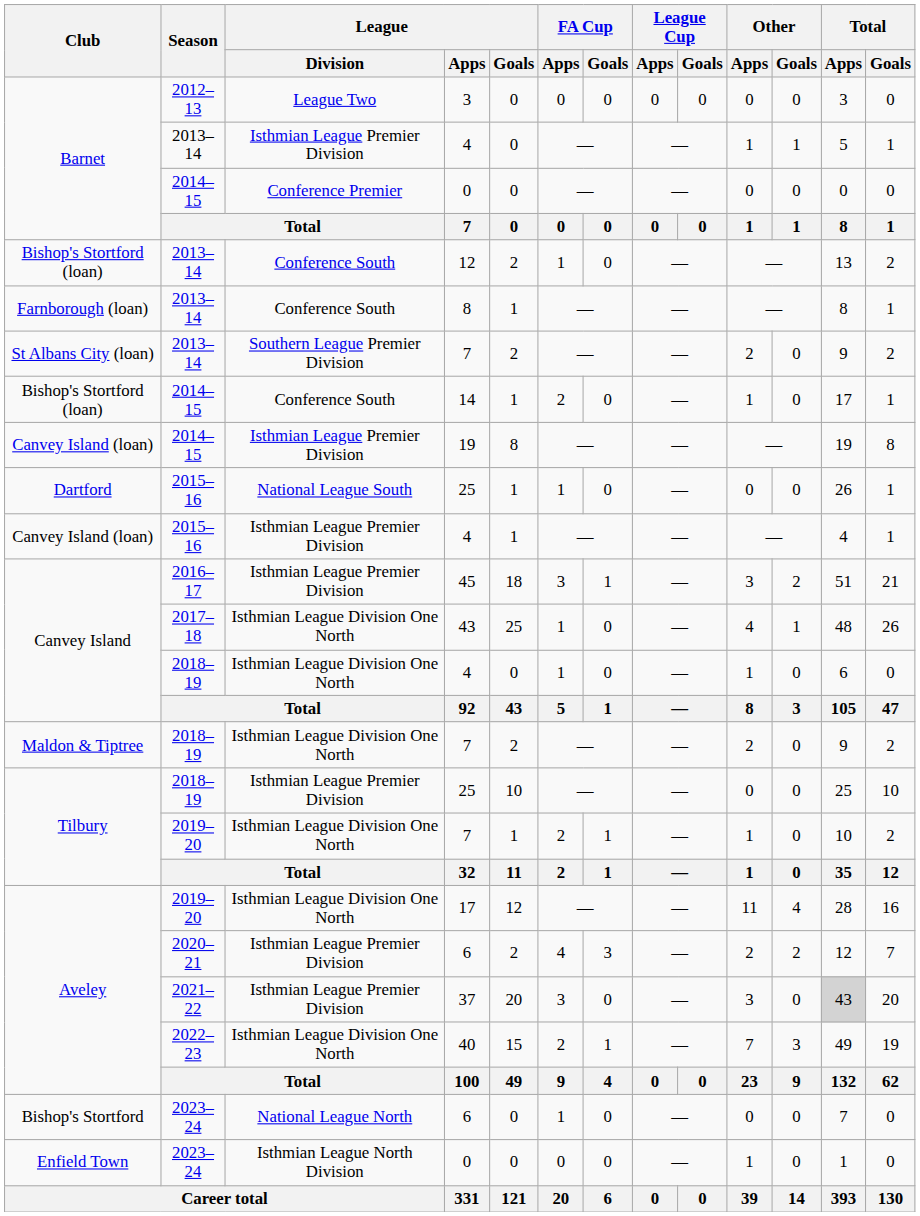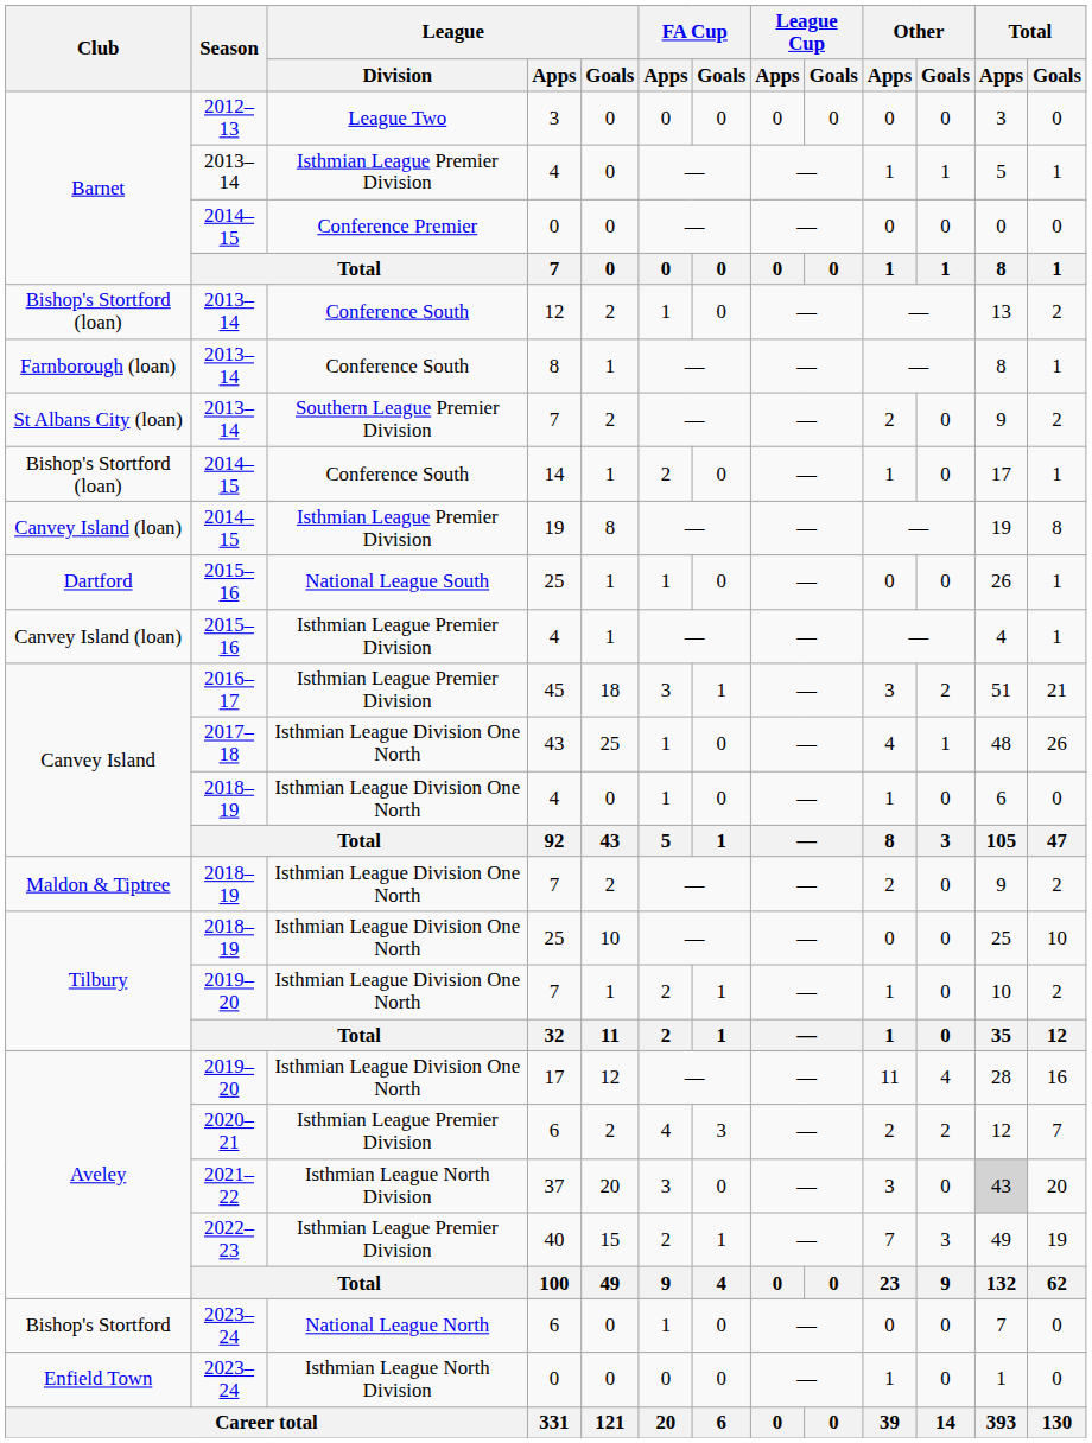 <table class="wikitable" style="text-align:center">
 <tr>
 <th rowspan="2">Club</th>
 <th rowspan="2">Season</th>
 <th colspan="3">League</th>
 <th colspan="2"><a href='#'>FA Cup</a></th>
 <th colspan="2"><a href='#'>League Cup</a></th>
 <th colspan="2">Other</th>
 <th colspan="2">Total</th>
 </tr>
 <tr>
 <th>Division</th>
 <th>Apps</th>
 <th>Goals</th>
 <th>Apps</th>
 <th>Goals</th>
 <th>Apps</th>
 <th>Goals</th>
 <th>Apps</th>
 <th>Goals</th>
 <th>Apps</th>
 <th>Goals</th>
 </tr>
 <tr>
 <td rowspan="4"><a href='#'>Barnet</a></td>
 <td><a href='#'>2012–13</a></td>
 <td><a href='#'>League Two</a></td>
 <td>3</td>
 <td>0</td>
 <td>0</td>
 <td>0</td>
 <td>0</td>
 <td>0</td>
 <td>0</td>
 <td>0</td>
 <td>3</td>
 <td>0</td>
 </tr>
 <tr>
 <td>2013–14</td>
 <td><a href='#'>Isthmian League</a> Premier Division</td>
 <td>4</td>
 <td>0</td>
 <td colspan="2">—</td>
 <td colspan="2">—</td>
 <td>1</td>
 <td>1</td>
 <td>5</td>
 <td>1</td>
 </tr>
 <tr>
 <td><a href='#'>2014–15</a></td>
 <td><a href='#'>Conference Premier</a></td>
 <td>0</td>
 <td>0</td>
 <td colspan="2">—</td>
 <td colspan="2">—</td>
 <td>0</td>
 <td>0</td>
 <td>0</td>
 <td>0</td>
 </tr>
 <tr>
 <th colspan="2">Total</th>
 <th>7</th>
 <th>0</th>
 <th>0</th>
 <th>0</th>
 <th>0</th>
 <th>0</th>
 <th>1</th>
 <th>1</th>
 <th>8</th>
 <th>1</th>
 </tr>
 <tr>
 <td><a href='#'>Bishop's Stortford</a> (loan)</td>
 <td><a href='#'>2013–14</a></td>
 <td><a href='#'>Conference South</a></td>
 <td>12</td>
 <td>2</td>
 <td>1</td>
 <td>0</td>
 <td colspan="2">—</td>
 <td colspan="2">—</td>
 <td>13</td>
 <td>2</td>
 </tr>
 <tr>
 <td><a href='#'>Farnborough</a> (loan)</td>
 <td><a href='#'>2013–14</a></td>
 <td>Conference South</td>
 <td>8</td>
 <td>1</td>
 <td colspan="2">—</td>
 <td colspan="2">—</td>
 <td colspan="2">—</td>
 <td>8</td>
 <td>1</td>
 </tr>
 <tr>
 <td><a href='#'>St Albans City</a> (loan)</td>
 <td><a href='#'>2013–14</a></td>
 <td><a href='#'>Southern League</a> Premier Division</td>
 <td>7</td>
 <td>2</td>
 <td colspan="2">—</td>
 <td colspan="2">—</td>
 <td>2</td>
 <td>0</td>
 <td>9</td>
 <td>2</td>
 </tr>
 <tr>
 <td>Bishop's Stortford (loan)</td>
 <td><a href='#'>2014–15</a></td>
 <td>Conference South</td>
 <td>14</td>
 <td>1</td>
 <td>2</td>
 <td>0</td>
 <td colspan="2">—</td>
 <td>1</td>
 <td>0</td>
 <td>17</td>
 <td>1</td>
 </tr>
 <tr>
 <td><a href='#'>Canvey Island</a> (loan)</td>
 <td><a href='#'>2014–15</a></td>
 <td><a href='#'>Isthmian League</a> Premier Division</td>
 <td>19</td>
 <td>8</td>
 <td colspan="2">—</td>
 <td colspan="2">—</td>
 <td colspan="2">—</td>
 <td>19</td>
 <td>8</td>
 </tr>
 <tr>
 <td rowspan="1"><a href='#'>Dartford</a></td>
 <td><a href='#'>2015–16</a></td>
 <td><a href='#'>National League South</a></td>
 <td>25</td>
 <td>1</td>
 <td>1</td>
 <td>0</td>
 <td colspan="2">—</td>
 <td>0</td>
 <td>0</td>
 <td>26</td>
 <td>1</td>
 </tr>
 <tr>
 <td>Canvey Island (loan)</td>
 <td><a href='#'>2015–16</a></td>
 <td>Isthmian League Premier Division</td>
 <td>4</td>
 <td>1</td>
 <td colspan="2">—</td>
 <td colspan="2">—</td>
 <td colspan="2">—</td>
 <td>4</td>
 <td>1</td>
 </tr>
 <tr>
 <td rowspan="4">Canvey Island</td>
 <td><a href='#'>2016–17</a></td>
 <td>Isthmian League Premier Division</td>
 <td>45</td>
 <td>18</td>
 <td>3</td>
 <td>1</td>
 <td colspan="2">—</td>
 <td>3</td>
 <td>2</td>
 <td>51</td>
 <td>21</td>
 </tr>
 <tr>
 <td><a href='#'>2017–18</a></td>
 <td>Isthmian League Division One North</td>
 <td>43</td>
 <td>25</td>
 <td>1</td>
 <td>0</td>
 <td colspan="2">—</td>
 <td>4</td>
 <td>1</td>
 <td>48</td>
 <td>26</td>
 </tr>
 <tr>
 <td><a href='#'>2018–19</a></td>
 <td>Isthmian League Division One North</td>
 <td>4</td>
 <td>0</td>
 <td>1</td>
 <td>0</td>
 <td colspan="2">—</td>
 <td>1</td>
 <td>0</td>
 <td>6</td>
 <td>0</td>
 </tr>
 <tr>
 <th colspan="2">Total</th>
 <th>92</th>
 <th>43</th>
 <th>5</th>
 <th>1</th>
 <th colspan="2">—</th>
 <th>8</th>
 <th>3</th>
 <th>105</th>
 <th>47</th>
 </tr>
 <tr>
 <td><a href='#'>Maldon & Tiptree</a></td>
 <td><a href='#'>2018–19</a></td>
 <td>Isthmian League Division One North</td>
 <td>7</td>
 <td>2</td>
 <td colspan="2">—</td>
 <td colspan="2">—</td>
 <td>2</td>
 <td>0</td>
 <td>9</td>
 <td>2</td>
 </tr>
 <tr>
 <td rowspan="3"><a href='#'>Tilbury</a></td>
 <td><a href='#'>2018–19</a></td>
-<td>Isthmian League Premier Division</td>
+<td>Isthmian League Division One North</td>
 <td>25</td>
 <td>10</td>
 <td colspan="2">—</td>
 <td colspan="2">—</td>
 <td>0</td>
 <td>0</td>
 <td>25</td>
 <td>10</td>
 </tr>
 <tr>
 <td><a href='#'>2019–20</a></td>
 <td>Isthmian League Division One North</td>
 <td>7</td>
 <td>1</td>
 <td>2</td>
 <td>1</td>
 <td colspan="2">—</td>
 <td>1</td>
 <td>0</td>
 <td>10</td>
 <td>2</td>
 </tr>
 <tr>
 <th colspan="2">Total</th>
 <th>32</th>
 <th>11</th>
 <th>2</th>
 <th>1</th>
 <th colspan="2">—</th>
 <th>1</th>
 <th>0</th>
 <th>35</th>
 <th>12</th>
 </tr>
 <tr>
 <td rowspan="5"><a href='#'>Aveley</a></td>
 <td><a href='#'>2019–20</a></td>
 <td>Isthmian League Division One North</td>
 <td>17</td>
 <td>12</td>
 <td colspan="2">—</td>
 <td colspan="2">—</td>
 <td>11</td>
 <td>4</td>
 <td>28</td>
 <td>16</td>
 </tr>
 <tr>
 <td><a href='#'>2020–21</a></td>
 <td>Isthmian League Premier Division</td>
 <td>6</td>
 <td>2</td>
 <td>4</td>
 <td>3</td>
 <td colspan="2">—</td>
 <td>2</td>
 <td>2</td>
 <td>12</td>
 <td>7</td>
 </tr>
 <tr>
 <td><a href='#'>2021–22</a></td>
-<td>Isthmian League Premier Division</td>
+<td>Isthmian League North Division</td>
 <td>37</td>
 <td>20</td>
 <td>3</td>
 <td>0</td>
 <td colspan="2">—</td>
 <td>3</td>
 <td>0</td>
 <td style="background: lightgrey;">43</td>
 <td>20</td>
 </tr>
 <tr>
 <td><a href='#'>2022–23</a></td>
-<td>Isthmian League Division One North</td>
+<td>Isthmian League Premier Division</td>
 <td>40</td>
 <td>15</td>
 <td>2</td>
 <td>1</td>
 <td colspan="2">—</td>
 <td>7</td>
 <td>3</td>
 <td>49</td>
 <td>19</td>
 </tr>
 <tr>
 <th colspan="2">Total</th>
 <th>100</th>
 <th>49</th>
 <th>9</th>
 <th>4</th>
 <th>0</th>
 <th>0</th>
 <th>23</th>
 <th>9</th>
 <th>132</th>
 <th>62</th>
 </tr>
 <tr>
 <td rowspan="1">Bishop's Stortford</td>
 <td><a href='#'>2023–24</a></td>
 <td><a href='#'>National League North</a></td>
 <td>6</td>
 <td>0</td>
 <td>1</td>
 <td>0</td>
 <td colspan="2">—</td>
 <td>0</td>
 <td>0</td>
 <td>7</td>
 <td>0</td>
 </tr>
 <tr>
 <td rowspan="1"><a href='#'>Enfield Town</a></td>
 <td><a href='#'>2023–24</a></td>
 <td>Isthmian League North Division</td>
 <td>0</td>
 <td>0</td>
 <td>0</td>
 <td>0</td>
 <td colspan="2">—</td>
 <td>1</td>
 <td>0</td>
 <td>1</td>
 <td>0</td>
 </tr>
 <tr>
 <th colspan="3">Career total</th>
 <th>331</th>
 <th>121</th>
 <th>20</th>
 <th>6</th>
 <th>0</th>
 <th>0</th>
 <th>39</th>
 <th>14</th>
 <th>393</th>
 <th>130</th>
 </tr>
 </table>
